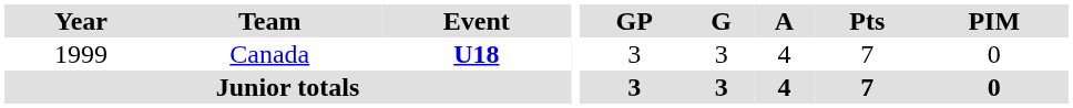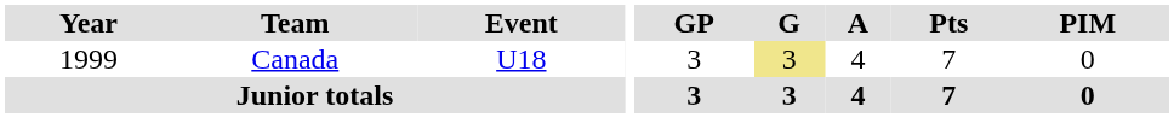 <table border="0" cellpadding="1" cellspacing="0" ID="Table3" style="text-align:center; width:40em">
 <tr ALIGN="center" bgcolor="#e0e0e0">
 <th>Year</th>
 <th>Team</th>
 <th>Event</th>
 <th rowspan="99" bgcolor="#ffffff"></th>
 <th>GP</th>
 <th>G</th>
 <th>A</th>
 <th>Pts</th>
 <th>PIM</th>
 </tr>
 <tr>
 <td>1999</td>
 <td><a href='#'>Canada</a></td>
-<td><strong><a href='#'>U18</a></strong></td>
+<td><a href='#'>U18</a></td>
 <td>3</td>
-<td>3</td>
+<td style="background: khaki;">3</td>
 <td>4</td>
 <td>7</td>
 <td>0</td>
 </tr>
 <tr bgcolor="#e0e0e0">
 <th colspan="3">Junior totals</th>
 <th>3</th>
 <th>3</th>
 <th>4</th>
 <th>7</th>
 <th>0</th>
 </tr>
 </table>
